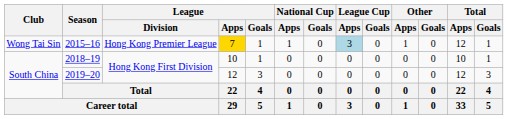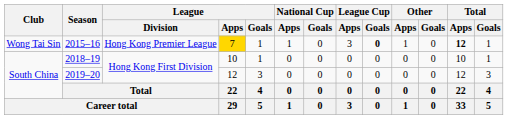 <table class="wikitable" style="text-align: center">
 <tr>
 <th rowspan="2">Club</th>
 <th rowspan="2">Season</th>
 <th colspan="3">League</th>
 <th colspan="2">National Cup</th>
 <th colspan="2">League Cup</th>
 <th colspan="2">Other</th>
 <th colspan="2">Total</th>
 </tr>
 <tr>
 <th>Division</th>
 <th>Apps</th>
 <th>Goals</th>
 <th>Apps</th>
 <th>Goals</th>
 <th>Apps</th>
 <th>Goals</th>
 <th>Apps</th>
 <th>Goals</th>
 <th>Apps</th>
 <th>Goals</th>
 </tr>
 <tr>
 <td><a href='#'>Wong Tai Sin</a></td>
 <td><a href='#'>2015–16</a></td>
 <td><a href='#'>Hong Kong Premier League</a></td>
 <td style="background: gold;">7</td>
 <td>1</td>
 <td>1</td>
 <td>0</td>
-<td style="background: lightblue;">3</td>
-<td>0</td>
+<td>3</td>
+<td><strong>0</strong></td>
 <td>1</td>
 <td>0</td>
-<td>12</td>
+<td><strong>12</strong></td>
 <td>1</td>
 </tr>
 <tr>
 <td rowspan="3"><a href='#'>South China</a></td>
 <td><a href='#'>2018–19</a></td>
 <td rowspan="2"><a href='#'>Hong Kong First Division</a></td>
 <td>10</td>
 <td>1</td>
 <td>0</td>
 <td>0</td>
 <td>0</td>
 <td>0</td>
 <td>0</td>
 <td>0</td>
 <td>10</td>
 <td>1</td>
 </tr>
 <tr>
 <td><a href='#'>2019–20</a></td>
 <td>12</td>
 <td>3</td>
 <td>0</td>
 <td>0</td>
 <td>0</td>
 <td>0</td>
 <td>0</td>
 <td>0</td>
 <td>12</td>
 <td>3</td>
 </tr>
 <tr>
 <th colspan=2>Total</th>
 <th>22</th>
 <th>4</th>
 <th>0</th>
 <th>0</th>
 <th>0</th>
 <th>0</th>
 <th>0</th>
 <th>0</th>
 <th>22</th>
 <th>4</th>
 </tr>
 <tr>
 <th colspan=3>Career total</th>
 <th>29</th>
 <th>5</th>
 <th>1</th>
 <th>0</th>
 <th>3</th>
 <th>0</th>
 <th>1</th>
 <th>0</th>
 <th>33</th>
 <th>5</th>
 </tr>
 </table>
